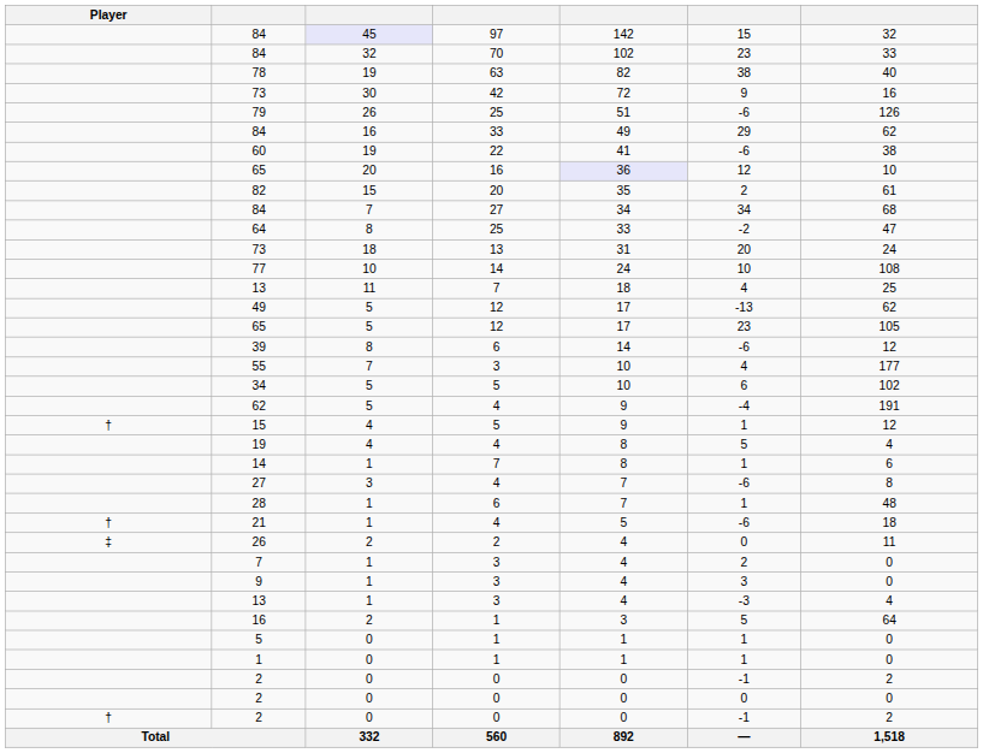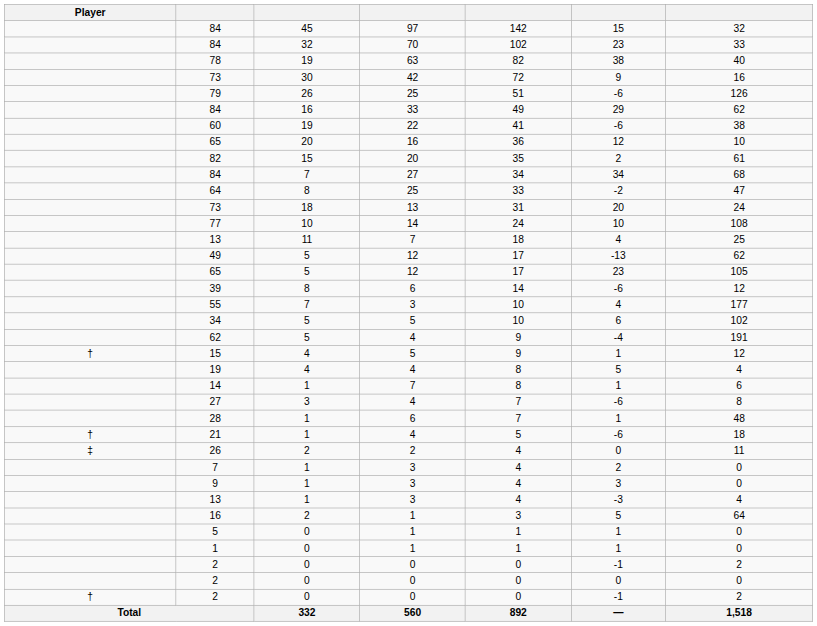 <table class="wikitable sortable" style="width:100%;">
 <tr align=center>
 <th>Player</th>
 <th></th>
 <th></th>
 <th></th>
 <th></th>
 <th data-sort-type="number"></th>
 <th></th>
 </tr>
 <tr align=center>
 <td></td>
 <td>84</td>
-<td style="background: lavender;">45</td>
+<td>45</td>
 <td>97</td>
 <td>142</td>
 <td>15</td>
 <td>32</td>
 </tr>
 <tr align=center>
 <td></td>
 <td>84</td>
 <td>32</td>
 <td>70</td>
 <td>102</td>
 <td>23</td>
 <td>33</td>
 </tr>
 <tr align=center>
 <td></td>
 <td>78</td>
 <td>19</td>
 <td>63</td>
 <td>82</td>
 <td>38</td>
 <td>40</td>
 </tr>
 <tr align=center>
 <td></td>
 <td>73</td>
 <td>30</td>
 <td>42</td>
 <td>72</td>
 <td>9</td>
 <td>16</td>
 </tr>
 <tr align=center>
 <td></td>
 <td>79</td>
 <td>26</td>
 <td>25</td>
 <td>51</td>
 <td>-6</td>
 <td>126</td>
 </tr>
 <tr align=center>
 <td></td>
 <td>84</td>
 <td>16</td>
 <td>33</td>
 <td>49</td>
 <td>29</td>
 <td>62</td>
 </tr>
 <tr align=center>
 <td></td>
 <td>60</td>
 <td>19</td>
 <td>22</td>
 <td>41</td>
 <td>-6</td>
 <td>38</td>
 </tr>
 <tr align=center>
 <td></td>
 <td>65</td>
 <td>20</td>
 <td>16</td>
-<td style="background: lavender;">36</td>
+<td>36</td>
 <td>12</td>
 <td>10</td>
 </tr>
 <tr align=center>
 <td></td>
 <td>82</td>
 <td>15</td>
 <td>20</td>
 <td>35</td>
 <td>2</td>
 <td>61</td>
 </tr>
 <tr align=center>
 <td></td>
 <td>84</td>
 <td>7</td>
 <td>27</td>
 <td>34</td>
 <td>34</td>
 <td>68</td>
 </tr>
 <tr align=center>
 <td></td>
 <td>64</td>
 <td>8</td>
 <td>25</td>
 <td>33</td>
 <td>-2</td>
 <td>47</td>
 </tr>
 <tr align=center>
 <td></td>
 <td>73</td>
 <td>18</td>
 <td>13</td>
 <td>31</td>
 <td>20</td>
 <td>24</td>
 </tr>
 <tr align=center>
 <td></td>
 <td>77</td>
 <td>10</td>
 <td>14</td>
 <td>24</td>
 <td>10</td>
 <td>108</td>
 </tr>
 <tr align=center>
 <td></td>
 <td>13</td>
 <td>11</td>
 <td>7</td>
 <td>18</td>
 <td>4</td>
 <td>25</td>
 </tr>
 <tr align=center>
 <td></td>
 <td>49</td>
 <td>5</td>
 <td>12</td>
 <td>17</td>
 <td>-13</td>
 <td>62</td>
 </tr>
 <tr align=center>
 <td></td>
 <td>65</td>
 <td>5</td>
 <td>12</td>
 <td>17</td>
 <td>23</td>
 <td>105</td>
 </tr>
 <tr align=center>
 <td></td>
 <td>39</td>
 <td>8</td>
 <td>6</td>
 <td>14</td>
 <td>-6</td>
 <td>12</td>
 </tr>
 <tr align=center>
 <td></td>
 <td>55</td>
 <td>7</td>
 <td>3</td>
 <td>10</td>
 <td>4</td>
 <td>177</td>
 </tr>
 <tr align=center>
 <td></td>
 <td>34</td>
 <td>5</td>
 <td>5</td>
 <td>10</td>
 <td>6</td>
 <td>102</td>
 </tr>
 <tr align=center>
 <td></td>
 <td>62</td>
 <td>5</td>
 <td>4</td>
 <td>9</td>
 <td>-4</td>
 <td>191</td>
 </tr>
 <tr align=center>
 <td> †</td>
 <td>15</td>
 <td>4</td>
 <td>5</td>
 <td>9</td>
 <td>1</td>
 <td>12</td>
 </tr>
 <tr align=center>
 <td></td>
 <td>19</td>
 <td>4</td>
 <td>4</td>
 <td>8</td>
 <td>5</td>
 <td>4</td>
 </tr>
 <tr align=center>
 <td></td>
 <td>14</td>
 <td>1</td>
 <td>7</td>
 <td>8</td>
 <td>1</td>
 <td>6</td>
 </tr>
 <tr align=center>
 <td></td>
 <td>27</td>
 <td>3</td>
 <td>4</td>
 <td>7</td>
 <td>-6</td>
 <td>8</td>
 </tr>
 <tr align=center>
 <td></td>
 <td>28</td>
 <td>1</td>
 <td>6</td>
 <td>7</td>
 <td>1</td>
 <td>48</td>
 </tr>
 <tr align=center>
 <td> †</td>
 <td>21</td>
 <td>1</td>
 <td>4</td>
 <td>5</td>
 <td>-6</td>
 <td>18</td>
 </tr>
 <tr align=center>
 <td> ‡</td>
 <td>26</td>
 <td>2</td>
 <td>2</td>
 <td>4</td>
 <td>0</td>
 <td>11</td>
 </tr>
 <tr align=center>
 <td></td>
 <td>7</td>
 <td>1</td>
 <td>3</td>
 <td>4</td>
 <td>2</td>
 <td>0</td>
 </tr>
 <tr align=center>
 <td></td>
 <td>9</td>
 <td>1</td>
 <td>3</td>
 <td>4</td>
 <td>3</td>
 <td>0</td>
 </tr>
 <tr align=center>
 <td></td>
 <td>13</td>
 <td>1</td>
 <td>3</td>
 <td>4</td>
 <td>-3</td>
 <td>4</td>
 </tr>
 <tr align=center>
 <td></td>
 <td>16</td>
 <td>2</td>
 <td>1</td>
 <td>3</td>
 <td>5</td>
 <td>64</td>
 </tr>
 <tr align=center>
 <td></td>
 <td>5</td>
 <td>0</td>
 <td>1</td>
 <td>1</td>
 <td>1</td>
 <td>0</td>
 </tr>
 <tr align=center>
 <td></td>
 <td>1</td>
 <td>0</td>
 <td>1</td>
 <td>1</td>
 <td>1</td>
 <td>0</td>
 </tr>
 <tr align=center>
 <td></td>
 <td>2</td>
 <td>0</td>
 <td>0</td>
 <td>0</td>
 <td>-1</td>
 <td>2</td>
 </tr>
 <tr align=center>
 <td></td>
 <td>2</td>
 <td>0</td>
 <td>0</td>
 <td>0</td>
 <td>0</td>
 <td>0</td>
 </tr>
 <tr align=center>
 <td> †</td>
 <td>2</td>
 <td>0</td>
 <td>0</td>
 <td>0</td>
 <td>-1</td>
 <td>2</td>
 </tr>
 <tr class="sortbotom">
 <th colspan=2>Total</th>
 <th>332</th>
 <th>560</th>
 <th>892</th>
 <th>—</th>
 <th>1,518</th>
 </tr>
 </table>
